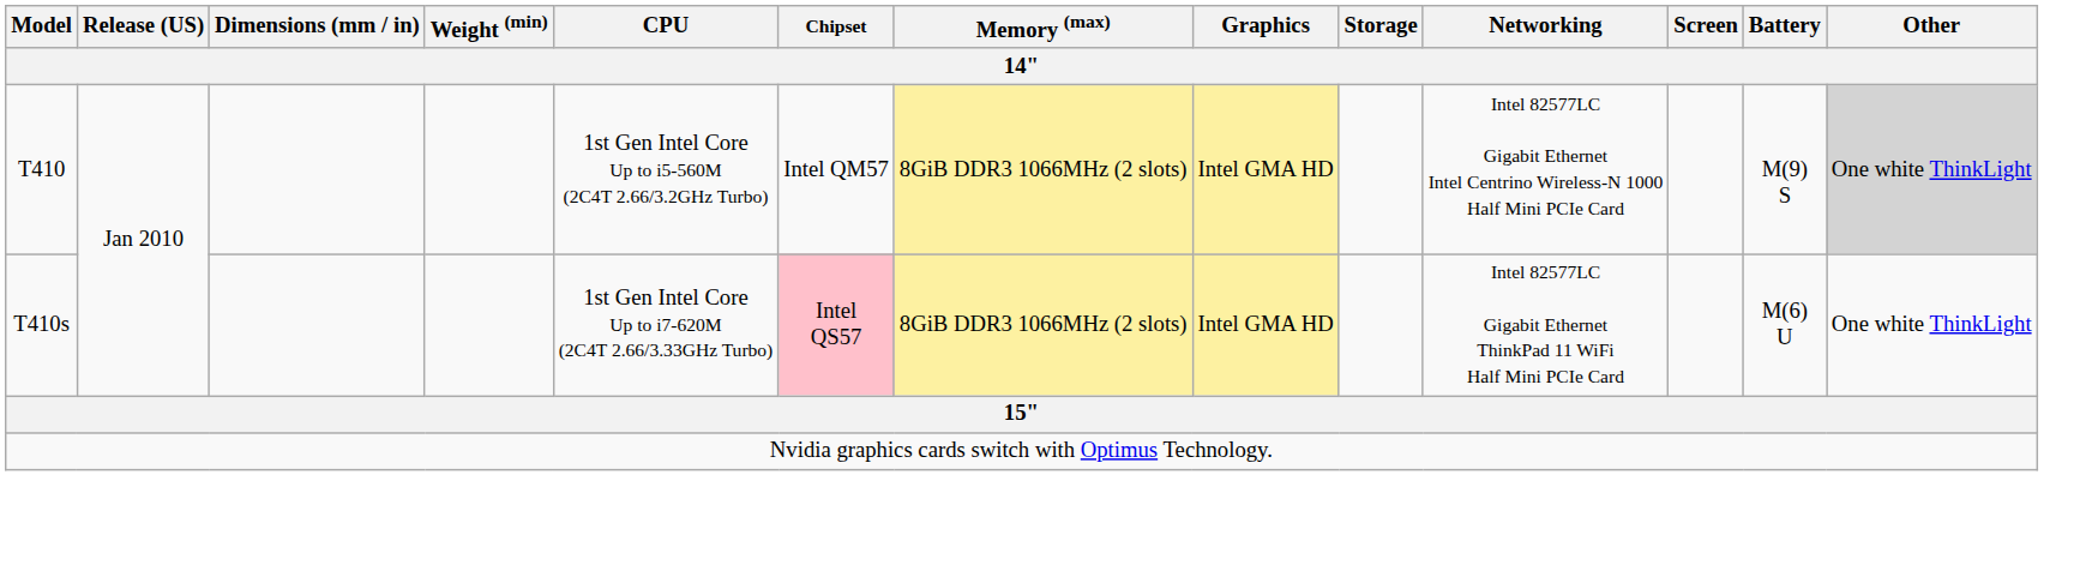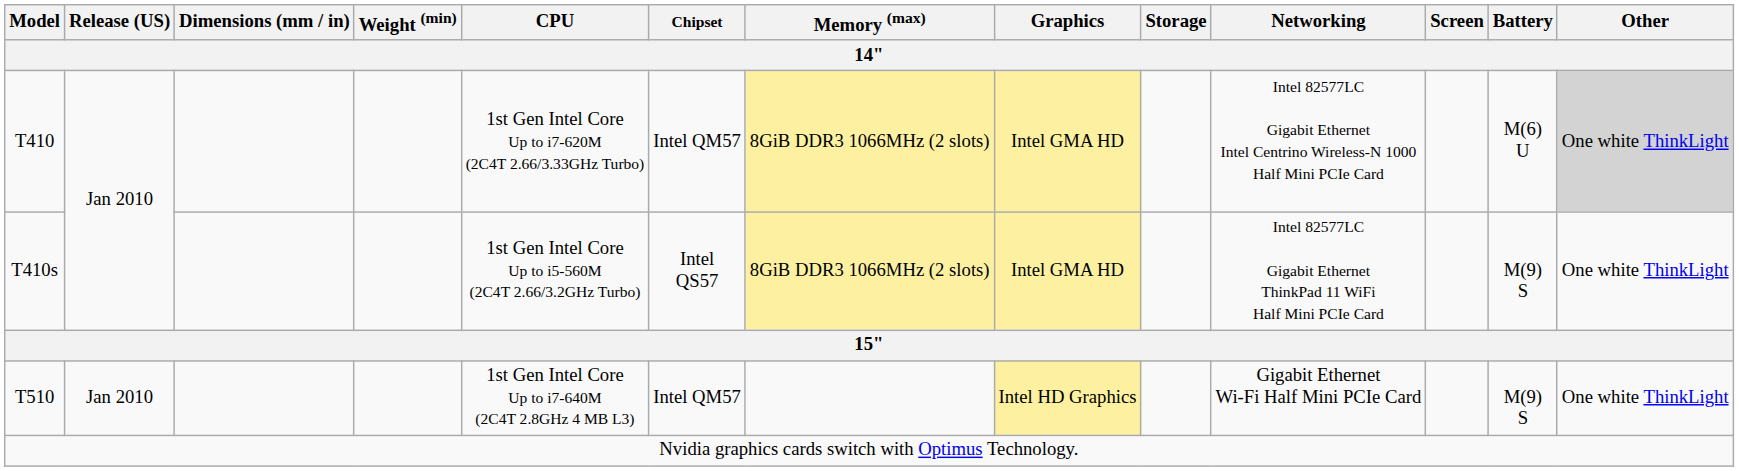 <table class="wikitable" style="font-size: 80%; text-align: center; min-width: 80%;">
 <tr>
 <th>Model</th>
 <th>Release (US)</th>
 <th>Dimensions (mm / in)</th>
 <th>Weight <sup>(min)</sup></th>
 <th>CPU</th>
 <th><small>Chipset</small></th>
 <th>Memory <sup>(max)</sup></th>
 <th>Graphics</th>
 <th>Storage</th>
 <th>Networking</th>
 <th>Screen</th>
 <th>Battery</th>
 <th>Other</th>
 </tr>
 <tr>
 <th colspan="13">14"</th>
 </tr>
 <tr>
 <td>T410</td>
 <td rowspan="2">Jan 2010</td>
 <td></td>
 <td></td>
-<td style="background:">1st Gen Intel Core<br><small>Up to i5-560M<br>(2C4T 2.66/3.2GHz Turbo)</small></td>
+<td style="background:">1st Gen Intel Core<br><small>Up to i7-620M <br>(2C4T 2.66/3.33GHz Turbo)</small></td>
 <td>Intel QM57</td>
 <td style="background:#fdf1a1;">8GiB DDR3 1066MHz (2 slots)</td>
 <td style="background:#fdf1a1;">Intel GMA HD<br></td>
 <td></td>
 <td><small>Intel 82577LC <br><br>Gigabit Ethernet<br> Intel Centrino Wireless-N 1000 <br> Half Mini PCIe Card<br><br> </small></td>
 <td></td>
-<td style="background:"><br>M(9)<br>S</td>
+<td style="background:">M(6)<br>U</td>
 <td style="background: lightgrey;">One white <a href='#'>ThinkLight</a></td>
 </tr>
 <tr>
 <td>T410s</td>
 <td></td>
 <td></td>
-<td style="background:">1st Gen Intel Core<br><small>Up to i7-620M <br>(2C4T 2.66/3.33GHz Turbo)</small></td>
-<td style="background: pink;">Intel<br>QS57</td>
+<td style="background:">1st Gen Intel Core<br><small>Up to i5-560M<br>(2C4T 2.66/3.2GHz Turbo)</small></td>
+<td>Intel<br>QS57</td>
 <td style="background:#fdf1a1;">8GiB DDR3 1066MHz (2 slots)</td>
 <td style="background:#fdf1a1;">Intel GMA HD<br></td>
 <td></td>
 <td><small>Intel 82577LC <br><br>Gigabit Ethernet<br>ThinkPad 11 WiFi <br> Half Mini PCIe Card<br></small></td>
 <td></td>
-<td style="background:">M(6)<br>U</td>
+<td style="background:"><br>M(9)<br>S</td>
 <td>One white <a href='#'>ThinkLight</a></td>
 </tr>
 <tr>
 <th colspan="13">15"</th>
 </tr>
 <tr>
+<td>T510</td>
+<td>Jan 2010</td>
+<td></td>
+<td></td>
+<td style="background:">1st Gen Intel Core<br> <small>Up to i7-640M<br>(2C4T 2.8GHz 4 MB L3)</small></td>
+<td>Intel QM57</td>
+<td></td>
+<td style="background:#fdf1a1;">Intel HD Graphics <br></td>
+<td></td>
+<td>Gigabit Ethernet<br>Wi-Fi Half Mini PCIe Card<br><br><small></small></td>
+<td></td>
+<td style="background:"><br>M(9)<br>S</td>
+<td>One white <a href='#'>ThinkLight</a></td>
+</tr>
+<tr>
 <td colspan="13">Nvidia graphics cards switch with <a href='#'>Optimus</a> Technology.</td>
 </tr>
 </table>
